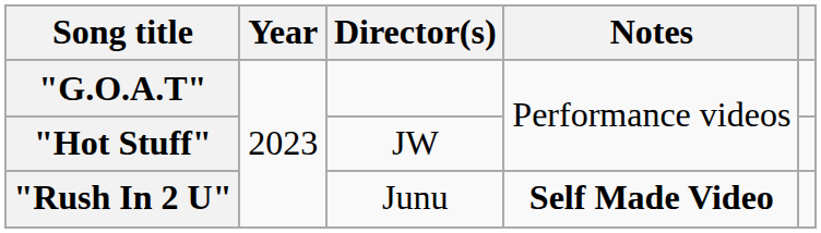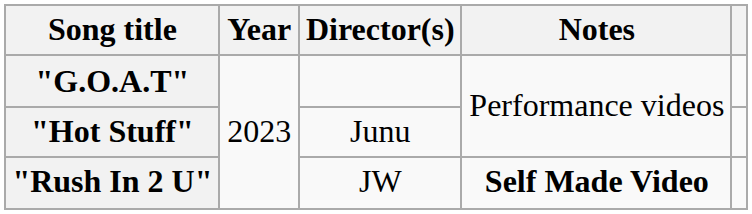 <table class="wikitable plainrowheaders" style="text-align:center">
 <tr>
 <th scope="col">Song title</th>
 <th scope="col">Year</th>
 <th scope="col">Director(s)</th>
 <th scope="col">Notes</th>
 <th scope="col"></th>
 </tr>
 <tr>
 <th scope="row">"G.O.A.T"</th>
 <td rowspan="4">2023</td>
 <td></td>
 <td rowspan="2">Performance videos</td>
 <td></td>
 </tr>
 <tr>
 <th scope="row">"Hot Stuff"</th>
-<td>JW</td>
+<td>Junu</td>
 <td></td>
 </tr>
 <tr>
 <th scope="row">"Rush In 2 U"</th>
-<td>Junu</td>
+<td>JW</td>
 <td><strong>Self Made Video</strong></td>
 <td></td>
 </tr>
 </table>
